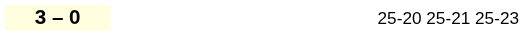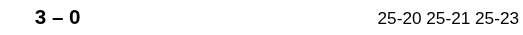 <table>
 <tr>
 <th width=200></th>
 <th width=80></th>
 <th width=200></th>
 <th width=220></th>
 </tr>
 <tr>
 <td align=right><strong></strong></td>
-<td align=center style="background: lightyellow;"><strong>3 – 0</strong></td>
+<td align=center><strong>3 – 0</strong></td>
 <td></td>
 <td><small>25-20 25-21 25-23</small></td>
 </tr>
 </table>
